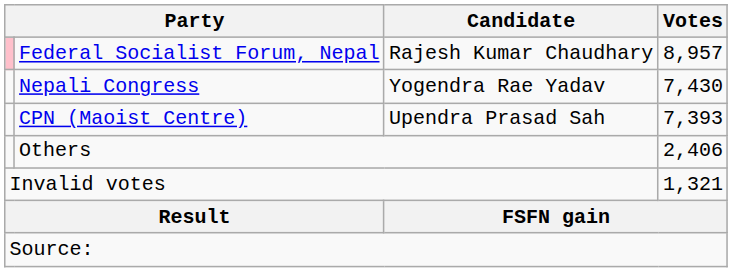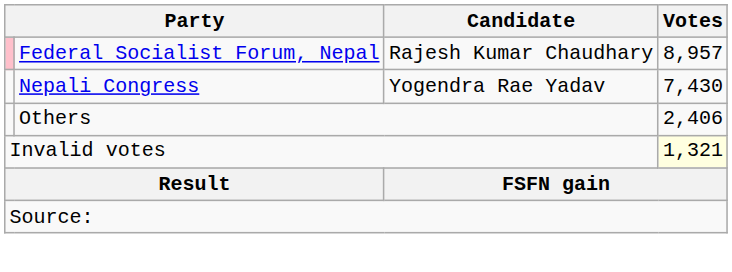 <table class="wikitable">
 <tr>
 <th colspan="2">Party</th>
 <th>Candidate</th>
 <th>Votes</th>
 </tr>
 <tr>
 <td style="background-color:pink"></td>
 <td><a href='#'>Federal Socialist Forum, Nepal</a></td>
 <td>Rajesh Kumar Chaudhary</td>
 <td>8,957</td>
 </tr>
 <tr>
 <td style="background-color:"></td>
 <td><a href='#'>Nepali Congress</a></td>
 <td>Yogendra Rae Yadav</td>
 <td>7,430</td>
 </tr>
 <tr>
-<td style="background-color:"></td>
-<td><a href='#'>CPN (Maoist Centre)</a></td>
-<td>Upendra Prasad Sah</td>
-<td>7,393</td>
-</tr>
-<tr>
 <td></td>
 <td colspan="2">Others</td>
 <td>2,406</td>
 </tr>
 <tr>
 <td colspan="3">Invalid votes</td>
-<td>1,321</td>
+<td style="background: lightyellow;">1,321</td>
 </tr>
 <tr>
 <th colspan="2">Result</th>
 <th colspan="2">FSFN gain</th>
 </tr>
 <tr>
 <td colspan="4">Source: </td>
 </tr>
 </table>
